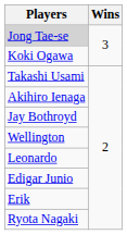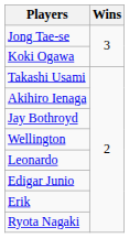 <table class="wikitable plainrowheaders">
 <tr>
 <th scope=col>Players</th>
 <th scope=col>Wins</th>
 </tr>
 <tr>
-<td style="background: lightgrey;"><a href='#'>Jong Tae-se</a></td>
+<td><a href='#'>Jong Tae-se</a></td>
 <td rowspan=2 align=center>3</td>
 </tr>
 <tr>
 <td><a href='#'>Koki Ogawa</a></td>
 </tr>
 <tr>
 <td><a href='#'>Takashi Usami</a></td>
 <td rowspan=8 align=center>2</td>
 </tr>
 <tr>
 <td><a href='#'>Akihiro Ienaga</a></td>
 </tr>
 <tr>
 <td><a href='#'>Jay Bothroyd</a></td>
 </tr>
 <tr>
 <td><a href='#'>Wellington</a></td>
 </tr>
 <tr>
 <td><a href='#'>Leonardo</a></td>
 </tr>
 <tr>
 <td><a href='#'>Edigar Junio</a></td>
 </tr>
 <tr>
 <td><a href='#'>Erik</a></td>
 </tr>
 <tr>
 <td><a href='#'>Ryota Nagaki</a></td>
 </tr>
 </table>
